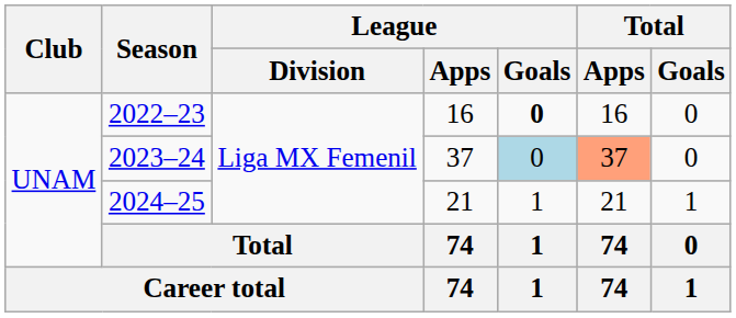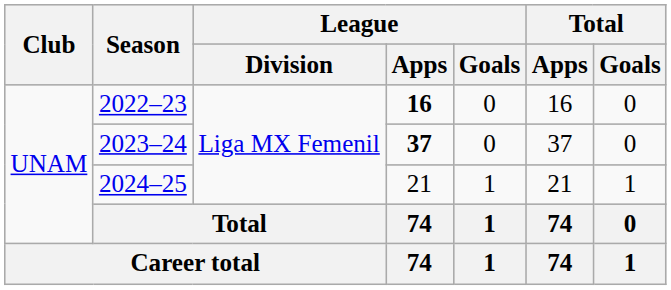 <table class="wikitable">
 <tr>
 <th rowspan="2">Club</th>
 <th rowspan="2">Season</th>
 <th colspan="3">League</th>
 <th colspan="2">Total</th>
 </tr>
 <tr>
 <th>Division</th>
 <th>Apps</th>
 <th>Goals</th>
 <th>Apps</th>
 <th>Goals</th>
 </tr>
 <tr>
 <td rowspan="4"><a href='#'>UNAM</a></td>
 <td><a href='#'>2022–23</a></td>
 <td rowspan="3"><a href='#'>Liga MX Femenil</a></td>
-<td align="center">16</td>
-<td align="center"><strong>0</strong></td>
+<td align="center"><strong>16</strong></td>
+<td align="center">0</td>
 <td align="center">16</td>
 <td align="center">0</td>
 </tr>
 <tr>
 <td><a href='#'>2023–24</a></td>
+<td align="center"><strong>37</strong></td>
+<td align="center">0</td>
 <td align="center">37</td>
-<td align="center" style="background: lightblue;">0</td>
-<td align="center" style="background: lightsalmon;">37</td>
 <td align="center">0</td>
 </tr>
 <tr>
 <td><a href='#'>2024–25</a></td>
 <td align="center">21</td>
 <td align="center">1</td>
 <td align="center">21</td>
 <td align="center">1</td>
 </tr>
 <tr>
 <th colspan="2">Total</th>
 <th>74</th>
 <th>1</th>
 <th>74</th>
 <th>0</th>
 </tr>
 <tr>
 <th colspan="3">Career total</th>
 <th>74</th>
 <th>1</th>
 <th>74</th>
 <th>1</th>
 </tr>
 </table>
